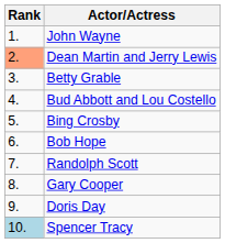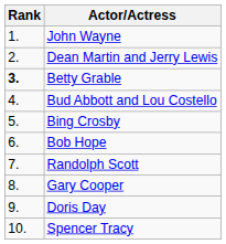 <table class="wikitable">
 <tr>
 <th>Rank</th>
 <th>Actor/Actress</th>
 </tr>
 <tr>
 <td>1.</td>
 <td><a href='#'>John Wayne</a></td>
 </tr>
 <tr>
-<td style="background: lightsalmon;">2.</td>
+<td>2.</td>
 <td><a href='#'>Dean Martin and Jerry Lewis</a></td>
 </tr>
 <tr>
-<td>3.</td>
+<td><strong>3.</strong></td>
 <td><a href='#'>Betty Grable</a></td>
 </tr>
 <tr>
 <td>4.</td>
 <td><a href='#'>Bud Abbott and Lou Costello</a></td>
 </tr>
 <tr>
 <td>5.</td>
 <td><a href='#'>Bing Crosby</a></td>
 </tr>
 <tr>
 <td>6.</td>
 <td><a href='#'>Bob Hope</a></td>
 </tr>
 <tr>
 <td>7.</td>
 <td><a href='#'>Randolph Scott</a></td>
 </tr>
 <tr>
 <td>8.</td>
 <td><a href='#'>Gary Cooper</a></td>
 </tr>
 <tr>
 <td>9.</td>
 <td><a href='#'>Doris Day</a></td>
 </tr>
 <tr>
-<td style="background: lightblue;">10.</td>
+<td>10.</td>
 <td><a href='#'>Spencer Tracy</a></td>
 </tr>
 </table>
